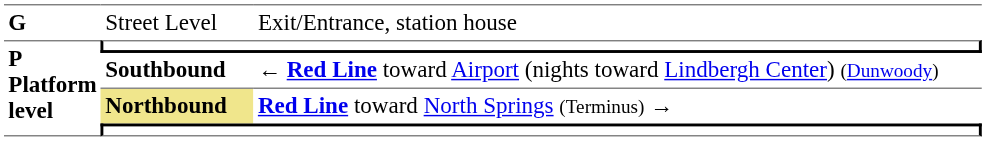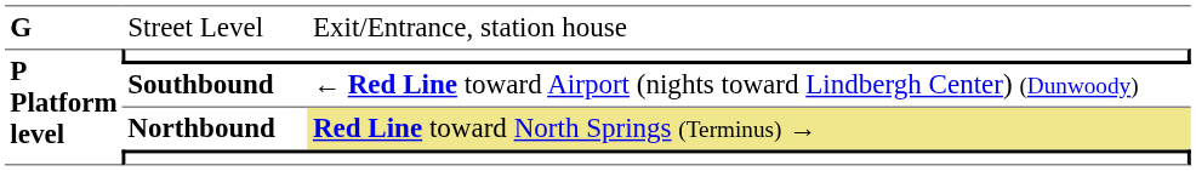 <table table border=0 cellspacing=0 cellpadding=3>
 <tr>
 <td style="border-top:solid 1px gray;" width=50 valign=top><strong>G</strong></td>
 <td style="border-top:solid 1px gray;" width=100 valign=top>Street Level</td>
 <td style="border-top:solid 1px gray;" width=500 valign=top>Exit/Entrance, station house</td>
 </tr>
 <tr>
 <td style="border-top:solid 1px gray;border-bottom:solid 1px gray;" width=50 rowspan=4 valign=top><strong>P<br>Platform level</strong></td>
 <td style="border-top:solid 1px gray;border-right:solid 2px black;border-left:solid 2px black;border-bottom:solid 2px black;text-align:center;" colspan=2></td>
 </tr>
 <tr>
 <td style="border-bottom:solid 1px gray;"><strong>Southbound</strong></td>
 <td style="border-bottom:solid 1px gray;">← <a href='#'><span><strong>Red Line</strong></span></a> toward <a href='#'>Airport</a> (nights toward <a href='#'>Lindbergh Center</a>) <small>(<a href='#'>Dunwoody</a>)</small></td>
 </tr>
 <tr>
-<td style="background: khaki;"><strong>Northbound</strong></td>
-<td> <a href='#'><span><strong>Red Line</strong></span></a> toward <a href='#'>North Springs</a> <small>(Terminus)</small> →</td>
+<td><strong>Northbound</strong></td>
+<td style="background: khaki;"> <a href='#'><span><strong>Red Line</strong></span></a> toward <a href='#'>North Springs</a> <small>(Terminus)</small> →</td>
 </tr>
 <tr>
 <td style="border-bottom:solid 1px gray;border-right:solid 2px black;border-left:solid 2px black;border-top:solid 2px black;text-align:center;" colspan=2></td>
 </tr>
 </table>
